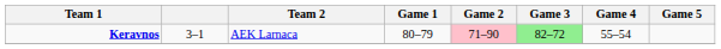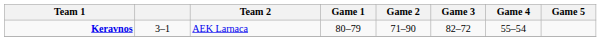 <table class=wikitable style="text-align:center">
 <tr>
 <th width=200>Team 1</th>
 <th width=80></th>
 <th width=200>Team 2</th>
 <th width=80>Game 1</th>
 <th width=80>Game 2</th>
 <th width=80>Game 3</th>
 <th width=80>Game 4</th>
 <th width=80>Game 5</th>
 </tr>
 <tr>
 <td align=right><strong><a href='#'>Keravnos</a></strong></td>
 <td>3–1</td>
 <td align=left><a href='#'>AEK Larnaca</a></td>
 <td>80–79</td>
-<td style="background: pink;">71–90</td>
-<td style="background: lightgreen;">82–72</td>
+<td>71–90</td>
+<td>82–72</td>
 <td>55–54</td>
 <td></td>
 </tr>
 <tr>
 </tr>
 </table>
